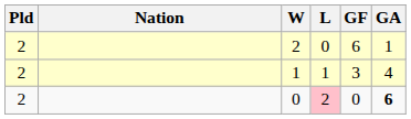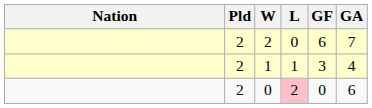 <table class=wikitable style="text-align:center">
 <tr>
+<th width=220]]>Nation</th>
 <th width=20]]>Pld</th>
-<th width=220]]>Nation</th>
 <th width=20>W</th>
 <th width=20]]>L</th>
 <th width=20]]>GF</th>
 <th width=20]]>GA</th>
 </tr>
 <tr bgcolor=#ffffcc>
+<td align=left></td>
 <td>2</td>
-<td align=left></td>
 <td>2</td>
 <td>0</td>
 <td>6</td>
-<td>1</td>
+<td>7</td>
 </tr>
 <tr bgcolor=#ffffcc>
+<td align=left></td>
 <td>2</td>
-<td align=left></td>
 <td>1</td>
 <td>1</td>
 <td>3</td>
 <td>4</td>
 </tr>
 <tr>
+<td align=left></td>
 <td>2</td>
-<td align=left></td>
 <td>0</td>
 <td style="background: pink;">2</td>
 <td>0</td>
-<td><strong>6</strong></td>
+<td>6</td>
 </tr>
 </table>
